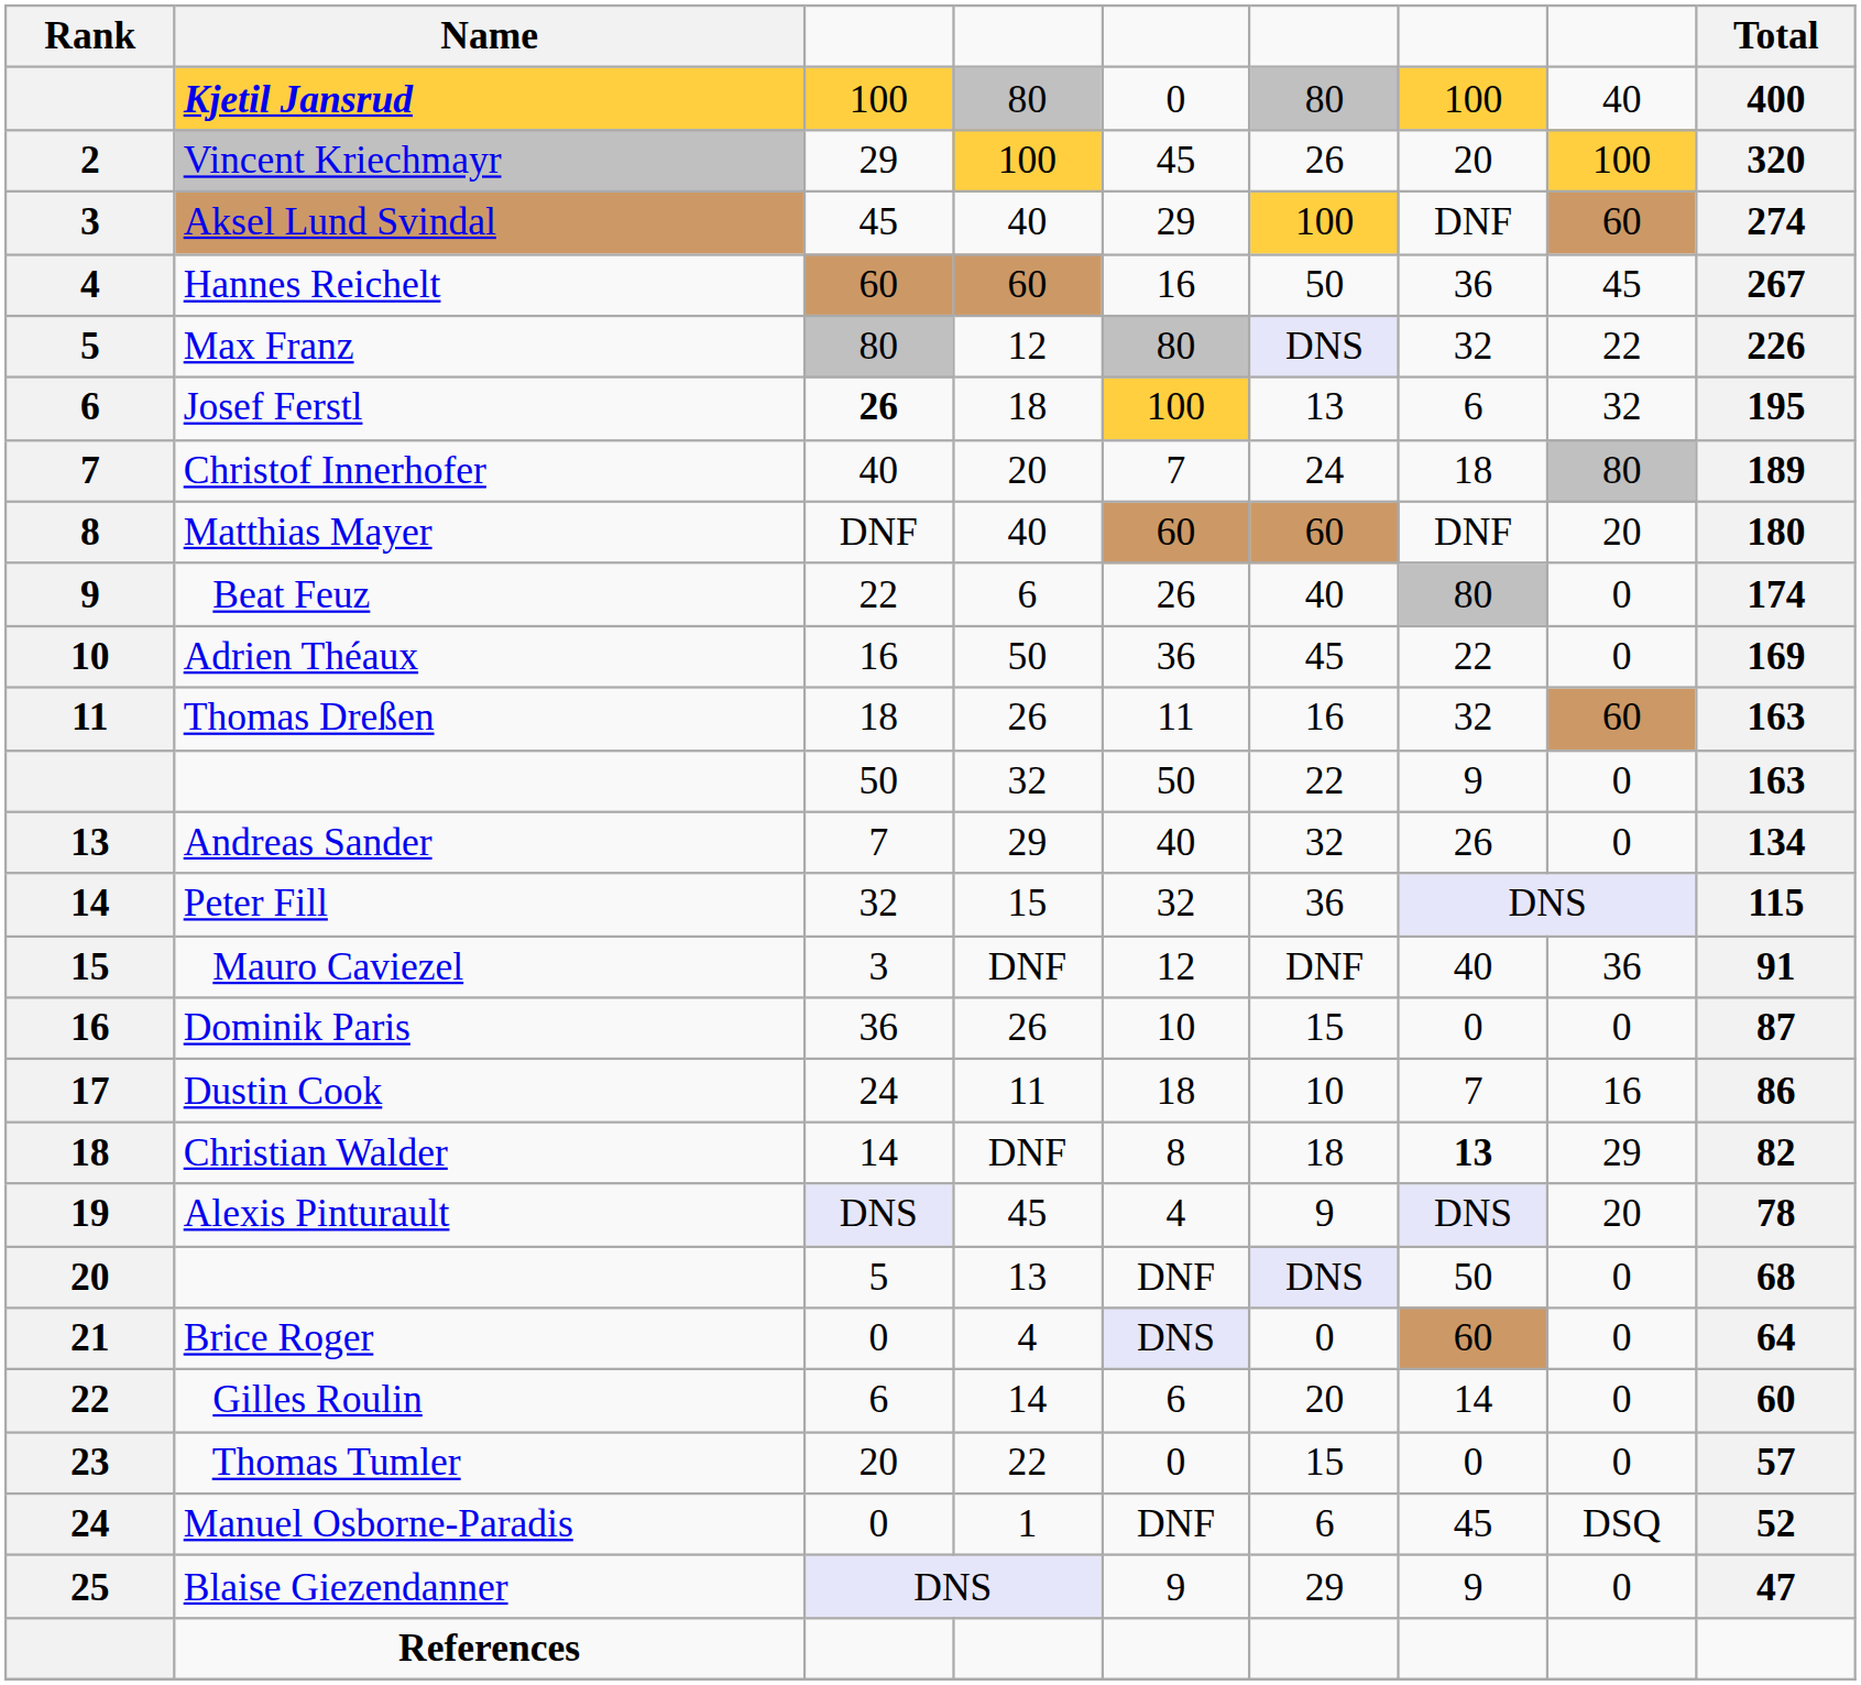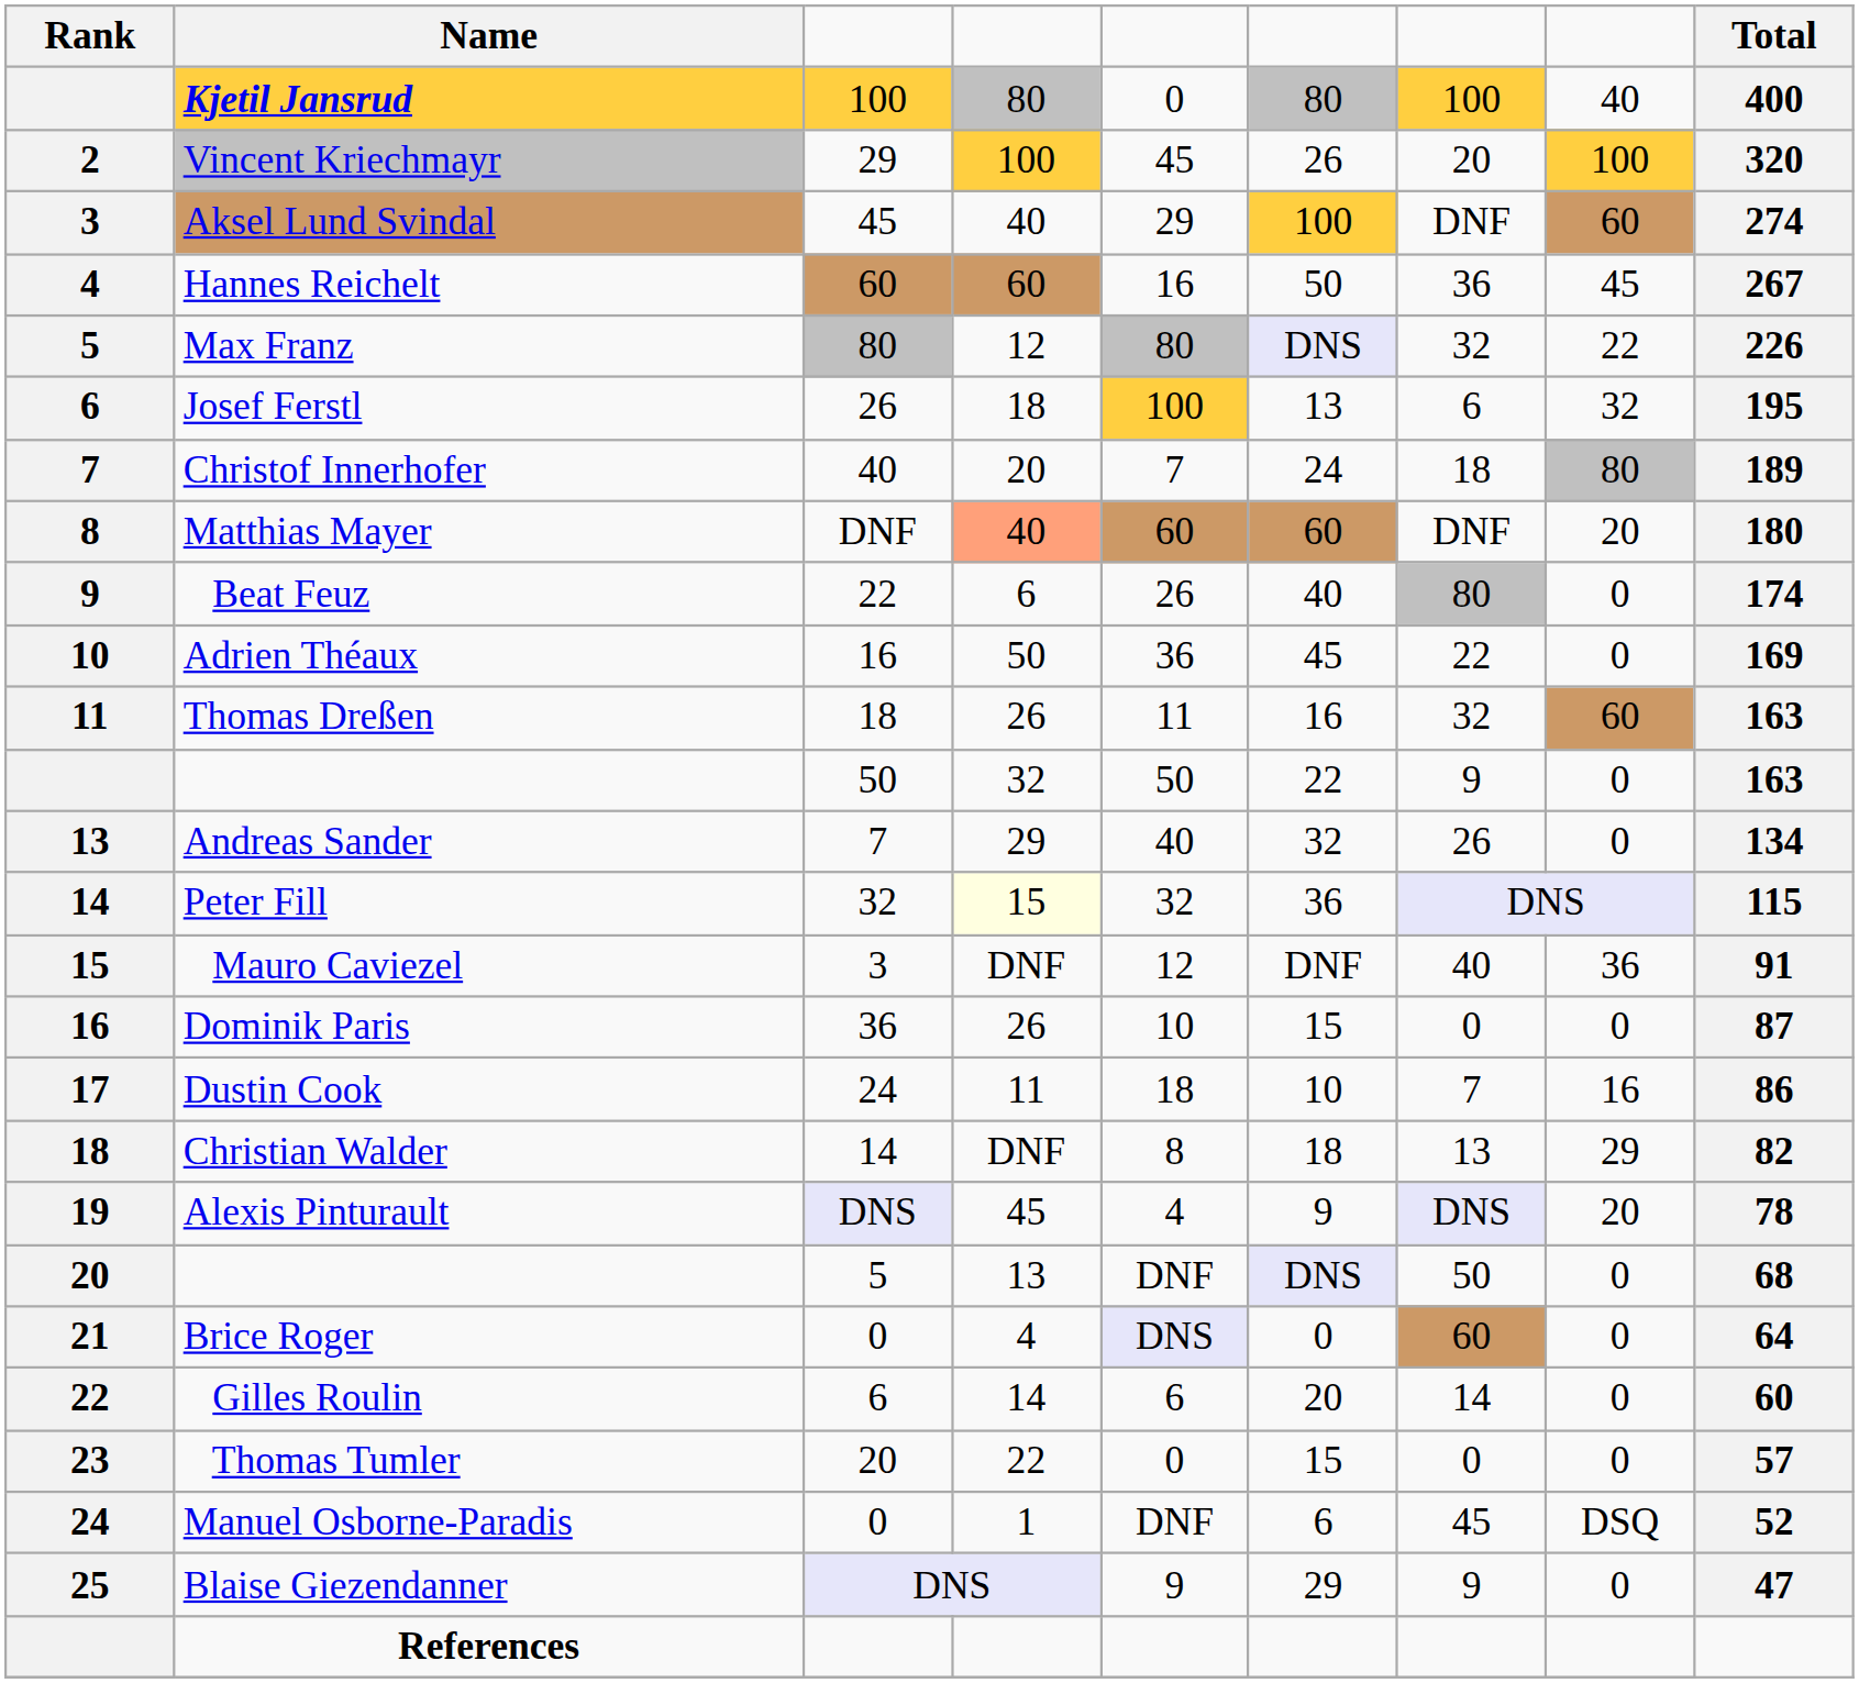 <table class="wikitable" width=60% style="font-size:100%; text-align:center;">
 <tr>
 <th>Rank</th>
 <th>Name</th>
 <td><br> </td>
 <td><br> </td>
 <td><br> </td>
 <td><br> </td>
 <td><br> </td>
 <td><br> </td>
 <th>Total</th>
 </tr>
 <tr>
 <th></th>
 <td align=left bgcolor=ffcf40> <strong><em><a href='#'>Kjetil Jansrud</a></em></strong></td>
 <td bgcolor=ffcf40>100</td>
 <td bgcolor=c0c0c0>80</td>
 <td>0</td>
 <td bgcolor=c0c0c0>80</td>
 <td bgcolor=ffcf40>100</td>
 <td>40</td>
 <th>400</th>
 </tr>
 <tr>
 <th>2</th>
 <td align=left bgcolor=c0c0c0> <a href='#'>Vincent Kriechmayr</a></td>
 <td>29</td>
 <td bgcolor=ffcf40>100</td>
 <td>45</td>
 <td>26</td>
 <td>20</td>
 <td bgcolor=ffcf40>100</td>
 <th>320</th>
 </tr>
 <tr>
 <th>3</th>
 <td align=left bgcolor=cc9966> <a href='#'>Aksel Lund Svindal</a></td>
 <td>45</td>
 <td>40</td>
 <td>29</td>
 <td bgcolor=ffcf40>100</td>
 <td>DNF</td>
 <td bgcolor=cc9966>60</td>
 <th>274</th>
 </tr>
 <tr>
 <th>4</th>
 <td align=left> <a href='#'>Hannes Reichelt</a></td>
 <td bgcolor=cc9966>60</td>
 <td bgcolor=cc9966>60</td>
 <td>16</td>
 <td>50</td>
 <td>36</td>
 <td>45</td>
 <th>267</th>
 </tr>
 <tr>
 <th>5</th>
 <td align=left> <a href='#'>Max Franz</a></td>
 <td bgcolor=c0c0c0>80</td>
 <td>12</td>
 <td bgcolor=c0c0c0>80</td>
 <td bgcolor=lavender>DNS</td>
 <td>32</td>
 <td>22</td>
 <th>226</th>
 </tr>
 <tr>
 <th>6</th>
 <td align=left> <a href='#'>Josef Ferstl</a></td>
-<td><strong>26</strong></td>
+<td>26</td>
 <td>18</td>
 <td bgcolor=ffcf40>100</td>
 <td>13</td>
 <td>6</td>
 <td>32</td>
 <th>195</th>
 </tr>
 <tr>
 <th>7</th>
 <td align=left> <a href='#'>Christof Innerhofer</a></td>
 <td>40</td>
 <td>20</td>
 <td>7</td>
 <td>24</td>
 <td>18</td>
 <td bgcolor=c0c0c0>80</td>
 <th>189</th>
 </tr>
 <tr>
 <th>8</th>
 <td align=left> <a href='#'>Matthias Mayer</a></td>
 <td>DNF</td>
-<td>40</td>
+<td style="background: lightsalmon;">40</td>
 <td bgcolor=cc9966>60</td>
 <td bgcolor=cc9966>60</td>
 <td>DNF</td>
 <td>20</td>
 <th>180</th>
 </tr>
 <tr>
 <th>9</th>
 <td align=left>   <a href='#'>Beat Feuz</a></td>
 <td>22</td>
 <td>6</td>
 <td>26</td>
 <td>40</td>
 <td bgcolor=c0c0c0>80</td>
 <td>0</td>
 <th>174</th>
 </tr>
 <tr>
 <th>10</th>
 <td align=left> <a href='#'>Adrien Théaux</a></td>
 <td>16</td>
 <td>50</td>
 <td>36</td>
 <td>45</td>
 <td>22</td>
 <td>0</td>
 <th>169</th>
 </tr>
 <tr>
 <th>11</th>
 <td align=left> <a href='#'>Thomas Dreßen</a></td>
 <td>18</td>
 <td>26</td>
 <td>11</td>
 <td>16</td>
 <td>32</td>
 <td bgcolor=cc9966>60</td>
 <th>163</th>
 </tr>
 <tr>
 <th></th>
 <td align=left></td>
 <td>50</td>
 <td>32</td>
 <td>50</td>
 <td>22</td>
 <td>9</td>
 <td>0</td>
 <th>163</th>
 </tr>
 <tr>
 <th>13</th>
 <td align=left> <a href='#'>Andreas Sander</a></td>
 <td>7</td>
 <td>29</td>
 <td>40</td>
 <td>32</td>
 <td>26</td>
 <td>0</td>
 <th>134</th>
 </tr>
 <tr>
 <th>14</th>
 <td align=left> <a href='#'>Peter Fill</a></td>
 <td>32</td>
-<td>15</td>
+<td style="background: lightyellow;">15</td>
 <td>32</td>
 <td>36</td>
 <td colspan=2 bgcolor=lavender>DNS</td>
 <th>115</th>
 </tr>
 <tr>
 <th>15</th>
 <td align=left>   <a href='#'>Mauro Caviezel</a></td>
 <td>3</td>
 <td>DNF</td>
 <td>12</td>
 <td>DNF</td>
 <td>40</td>
 <td>36</td>
 <th>91</th>
 </tr>
 <tr>
 <th>16</th>
 <td align=left> <a href='#'>Dominik Paris</a></td>
 <td>36</td>
 <td>26</td>
 <td>10</td>
 <td>15</td>
 <td>0</td>
 <td>0</td>
 <th>87</th>
 </tr>
 <tr>
 <th>17</th>
 <td align=left> <a href='#'>Dustin Cook</a></td>
 <td>24</td>
 <td>11</td>
 <td>18</td>
 <td>10</td>
 <td>7</td>
 <td>16</td>
 <th>86</th>
 </tr>
 <tr>
 <th>18</th>
 <td align=left> <a href='#'>Christian Walder</a></td>
 <td>14</td>
 <td>DNF</td>
 <td>8</td>
 <td>18</td>
-<td><strong>13</strong></td>
+<td>13</td>
 <td>29</td>
 <th>82</th>
 </tr>
 <tr>
 <th>19</th>
 <td align=left> <a href='#'>Alexis Pinturault</a></td>
 <td bgcolor=lavender>DNS</td>
 <td>45</td>
 <td>4</td>
 <td>9</td>
 <td bgcolor=lavender>DNS</td>
 <td>20</td>
 <th>78</th>
 </tr>
 <tr>
 <th>20</th>
 <td align=left></td>
 <td>5</td>
 <td>13</td>
 <td>DNF</td>
 <td bgcolor=lavender>DNS</td>
 <td>50</td>
 <td>0</td>
 <th>68</th>
 </tr>
 <tr>
 <th>21</th>
 <td align=left> <a href='#'>Brice Roger</a></td>
 <td>0</td>
 <td>4</td>
 <td bgcolor=lavender>DNS</td>
 <td>0</td>
 <td bgcolor=cc9966>60</td>
 <td>0</td>
 <th>64</th>
 </tr>
 <tr>
 <th>22</th>
 <td align=left>   <a href='#'>Gilles Roulin</a></td>
 <td>6</td>
 <td>14</td>
 <td>6</td>
 <td>20</td>
 <td>14</td>
 <td>0</td>
 <th>60</th>
 </tr>
 <tr>
 <th>23</th>
 <td align=left>   <a href='#'>Thomas Tumler</a></td>
 <td>20</td>
 <td>22</td>
 <td>0</td>
 <td>15</td>
 <td>0</td>
 <td>0</td>
 <th>57</th>
 </tr>
 <tr>
 <th>24</th>
 <td align=left> <a href='#'>Manuel Osborne-Paradis</a></td>
 <td>0</td>
 <td>1</td>
 <td>DNF</td>
 <td>6</td>
 <td>45</td>
 <td>DSQ</td>
 <th>52</th>
 </tr>
 <tr>
 <th>25</th>
 <td align=left> <a href='#'>Blaise Giezendanner</a></td>
 <td colspan=2 bgcolor=lavender>DNS</td>
 <td>9</td>
 <td>29</td>
 <td>9</td>
 <td>0</td>
 <th>47</th>
 </tr>
 <tr>
 <th></th>
 <td align=center><strong>References</strong></td>
 <td></td>
 <td></td>
 <td></td>
 <td></td>
 <td></td>
 <td></td>
 </tr>
 <tr>
 </tr>
 </table>
